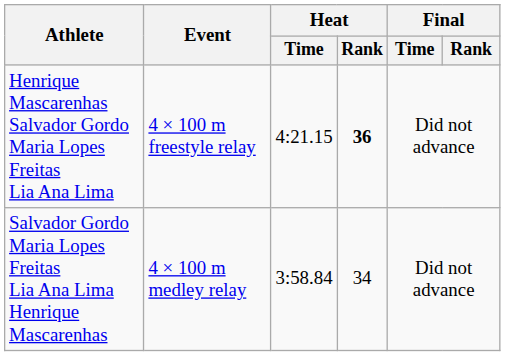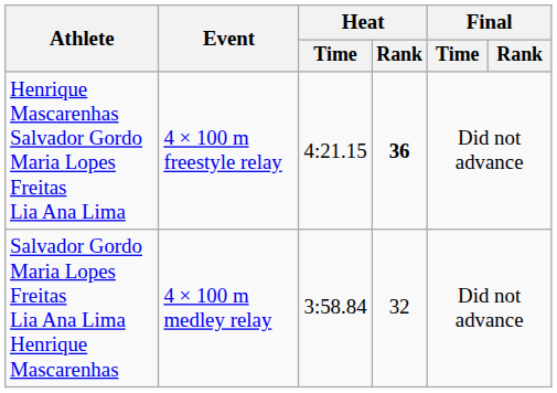 <table class="wikitable" style="text-align:center; font-size:90%; width:30%;">
 <tr>
 <th rowspan="2">Athlete</th>
 <th rowspan="2">Event</th>
 <th colspan="2">Heat</th>
 <th colspan="2">Final</th>
 </tr>
 <tr style="font-size:95%">
 <th>Time</th>
 <th>Rank</th>
 <th>Time</th>
 <th>Rank</th>
 </tr>
 <tr>
 <td align=left><a href='#'>Henrique Mascarenhas</a>  <br> <a href='#'>Salvador Gordo</a><br><a href='#'>Maria Lopes Freitas</a> <br><a href='#'>Lia Ana Lima</a></td>
 <td align=left><a href='#'>4 × 100 m freestyle relay</a></td>
 <td>4:21.15</td>
 <td><strong>36</strong></td>
 <td colspan=2>Did not advance</td>
 </tr>
 <tr>
 <td align=left><a href='#'>Salvador Gordo</a> <br><a href='#'>Maria Lopes Freitas</a> <br><a href='#'>Lia Ana Lima</a> <br><a href='#'>Henrique Mascarenhas</a></td>
 <td align=left><a href='#'>4 × 100 m medley relay</a></td>
 <td>3:58.84</td>
-<td>34</td>
+<td>32</td>
 <td colspan="2">Did not advance</td>
 </tr>
 </table>
